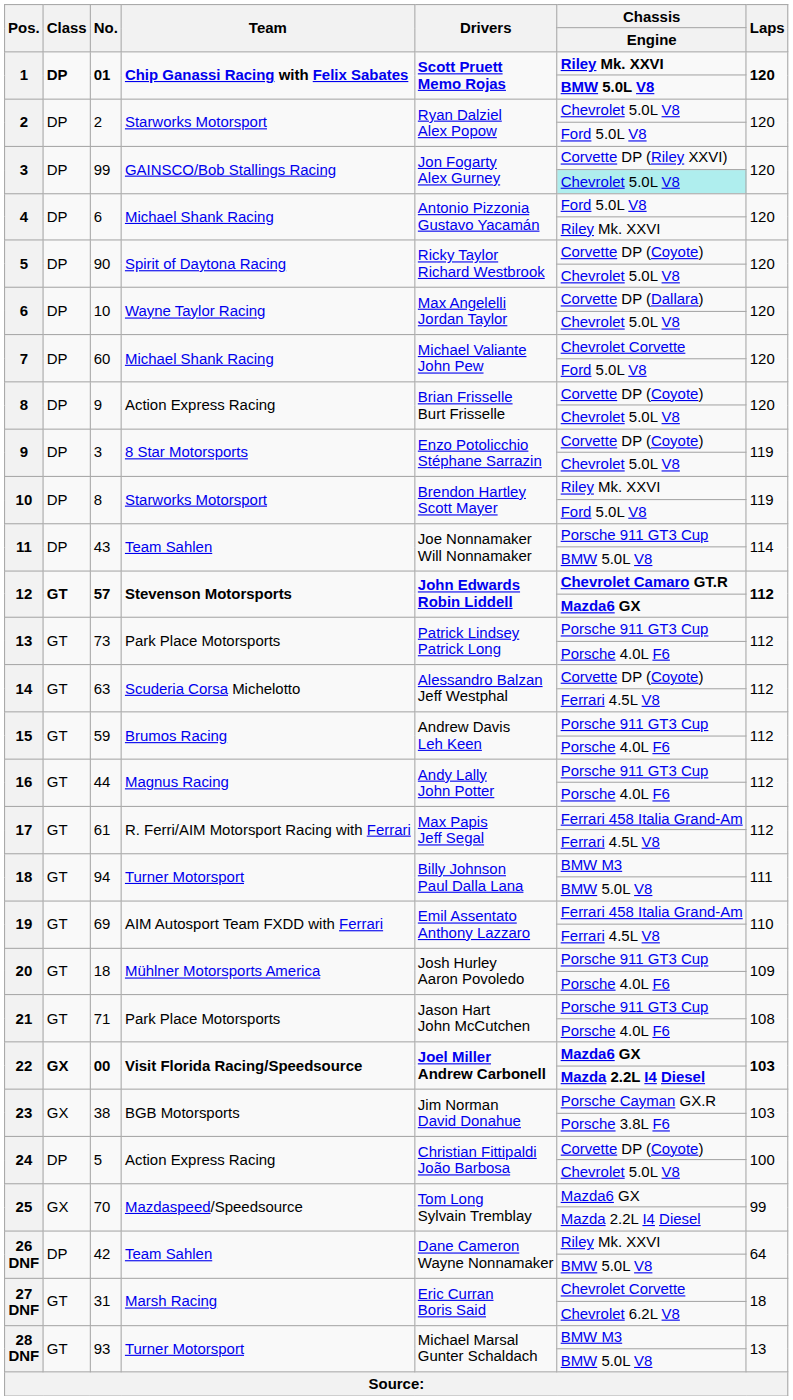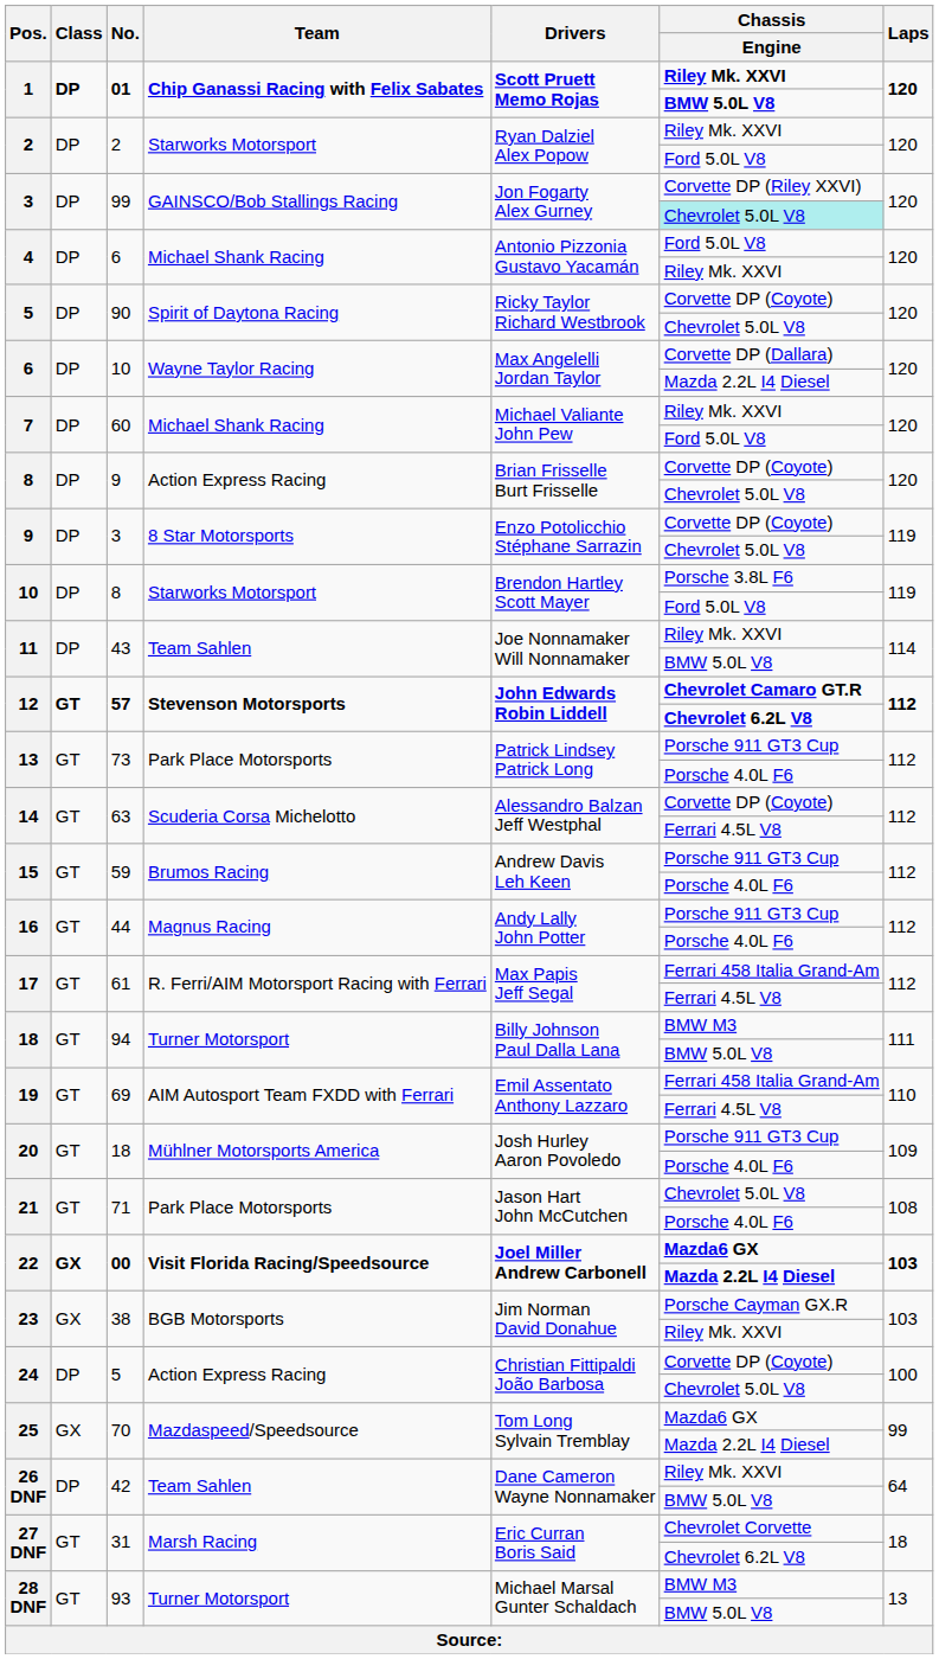 <table class="wikitable" style="font-size: 85%;">
 <tr>
 <th rowspan="2">Pos.</th>
 <th rowspan="2">Class</th>
 <th rowspan="2">No.</th>
 <th rowspan="2">Team</th>
 <th rowspan="2">Drivers</th>
 <th>Chassis</th>
 <th rowspan="2">Laps</th>
 </tr>
 <tr>
 <th>Engine</th>
 </tr>
 <tr>
 <th rowspan="2">1</th>
 <td rowspan="2"><strong>DP</strong></td>
 <td rowspan="2"><strong>01</strong></td>
 <td rowspan="2"><strong> <a href='#'>Chip Ganassi Racing</a> with <a href='#'>Felix Sabates</a></strong></td>
 <td rowspan="2"><strong> <a href='#'>Scott Pruett</a><br> <a href='#'>Memo Rojas</a></strong></td>
 <td><strong><a href='#'>Riley</a> Mk. XXVI</strong></td>
 <td rowspan="2"><strong>120</strong></td>
 </tr>
 <tr>
 <td><strong><a href='#'>BMW</a> 5.0L <a href='#'>V8</a></strong></td>
 </tr>
 <tr>
 <th rowspan="2">2</th>
 <td rowspan="2">DP</td>
 <td rowspan="2">2</td>
 <td rowspan="2"> <a href='#'>Starworks Motorsport</a></td>
 <td rowspan="2"> <a href='#'>Ryan Dalziel</a><br> <a href='#'>Alex Popow</a></td>
-<td><a href='#'>Chevrolet</a> 5.0L <a href='#'>V8</a></td>
+<td><a href='#'>Riley</a> Mk. XXVI</td>
 <td rowspan="2">120</td>
 </tr>
 <tr>
 <td><a href='#'>Ford</a> 5.0L <a href='#'>V8</a></td>
 </tr>
 <tr>
 <th rowspan="2">3</th>
 <td rowspan="2">DP</td>
 <td rowspan="2">99</td>
 <td rowspan="2"> <a href='#'>GAINSCO/Bob Stallings Racing</a></td>
 <td rowspan="2"> <a href='#'>Jon Fogarty</a><br> <a href='#'>Alex Gurney</a></td>
 <td><a href='#'>Corvette</a> DP (<a href='#'>Riley</a> XXVI)</td>
 <td rowspan="2">120</td>
 </tr>
 <tr>
 <td style="background: paleturquoise;"><a href='#'>Chevrolet</a> 5.0L <a href='#'>V8</a></td>
 </tr>
 <tr>
 <th rowspan="2">4</th>
 <td rowspan="2">DP</td>
 <td rowspan="2">6</td>
 <td rowspan="2"> <a href='#'>Michael Shank Racing</a></td>
 <td rowspan="2"> <a href='#'>Antonio Pizzonia</a><br> <a href='#'>Gustavo Yacamán</a></td>
 <td><a href='#'>Ford</a> 5.0L <a href='#'>V8</a></td>
 <td rowspan="2">120</td>
 </tr>
 <tr>
 <td><a href='#'>Riley</a> Mk. XXVI</td>
 </tr>
 <tr>
 <th rowspan="2">5</th>
 <td rowspan="2">DP</td>
 <td rowspan="2">90</td>
 <td rowspan="2"> <a href='#'>Spirit of Daytona Racing</a></td>
 <td rowspan="2"> <a href='#'>Ricky Taylor</a><br> <a href='#'>Richard Westbrook</a></td>
 <td><a href='#'>Corvette</a> DP (<a href='#'>Coyote</a>)</td>
 <td rowspan="2">120</td>
 </tr>
 <tr>
 <td><a href='#'>Chevrolet</a> 5.0L <a href='#'>V8</a></td>
 </tr>
 <tr>
 <th rowspan="2">6</th>
 <td rowspan="2">DP</td>
 <td rowspan="2">10</td>
 <td rowspan="2"> <a href='#'>Wayne Taylor Racing</a></td>
 <td rowspan="2"> <a href='#'>Max Angelelli</a><br> <a href='#'>Jordan Taylor</a></td>
 <td><a href='#'>Corvette</a> DP (<a href='#'>Dallara</a>)</td>
 <td rowspan="2">120</td>
 </tr>
 <tr>
-<td><a href='#'>Chevrolet</a> 5.0L <a href='#'>V8</a></td>
+<td><a href='#'>Mazda</a> 2.2L <a href='#'>I4</a> <a href='#'>Diesel</a></td>
 </tr>
 <tr>
 <th rowspan="2">7</th>
 <td rowspan="2">DP</td>
 <td rowspan="2">60</td>
 <td rowspan="2"> <a href='#'>Michael Shank Racing</a></td>
 <td rowspan="2"> <a href='#'>Michael Valiante</a><br> <a href='#'>John Pew</a></td>
-<td><a href='#'>Chevrolet Corvette</a></td>
+<td><a href='#'>Riley</a> Mk. XXVI</td>
 <td rowspan="2">120</td>
 </tr>
 <tr>
 <td><a href='#'>Ford</a> 5.0L <a href='#'>V8</a></td>
 </tr>
 <tr>
 <th rowspan="2">8</th>
 <td rowspan="2">DP</td>
 <td rowspan="2">9</td>
 <td rowspan="2"> Action Express Racing</td>
 <td rowspan="2"> <a href='#'>Brian Frisselle</a><br> Burt Frisselle</td>
 <td><a href='#'>Corvette</a> DP (<a href='#'>Coyote</a>)</td>
 <td rowspan="2">120</td>
 </tr>
 <tr>
 <td><a href='#'>Chevrolet</a> 5.0L <a href='#'>V8</a></td>
 </tr>
 <tr>
 <th rowspan="2">9</th>
 <td rowspan="2">DP</td>
 <td rowspan="2">3</td>
 <td rowspan="2"> <a href='#'>8 Star Motorsports</a></td>
 <td rowspan="2"> <a href='#'>Enzo Potolicchio</a><br> <a href='#'>Stéphane Sarrazin</a></td>
 <td><a href='#'>Corvette</a> DP (<a href='#'>Coyote</a>)</td>
 <td rowspan="2">119</td>
 </tr>
 <tr>
 <td><a href='#'>Chevrolet</a> 5.0L <a href='#'>V8</a></td>
 </tr>
 <tr>
 <th rowspan="2">10</th>
 <td rowspan="2">DP</td>
 <td rowspan="2">8</td>
 <td rowspan="2"> <a href='#'>Starworks Motorsport</a></td>
 <td rowspan="2"> <a href='#'>Brendon Hartley</a><br> <a href='#'>Scott Mayer</a></td>
-<td><a href='#'>Riley</a> Mk. XXVI</td>
+<td><a href='#'>Porsche</a> 3.8L <a href='#'>F6</a></td>
 <td rowspan="2">119</td>
 </tr>
 <tr>
 <td><a href='#'>Ford</a> 5.0L <a href='#'>V8</a></td>
 </tr>
 <tr>
 <th rowspan="2">11</th>
 <td rowspan="2">DP</td>
 <td rowspan="2">43</td>
 <td rowspan="2"> <a href='#'>Team Sahlen</a></td>
 <td rowspan="2"> Joe Nonnamaker<br> Will Nonnamaker</td>
-<td><a href='#'>Porsche 911 GT3 Cup</a></td>
+<td><a href='#'>Riley</a> Mk. XXVI</td>
 <td rowspan="2">114</td>
 </tr>
 <tr>
 <td><a href='#'>BMW</a> 5.0L <a href='#'>V8</a></td>
 </tr>
 <tr>
 <th rowspan="2">12</th>
 <td rowspan="2"><strong>GT</strong></td>
 <td rowspan="2"><strong>57</strong></td>
 <td rowspan="2"><strong> Stevenson Motorsports</strong></td>
 <td rowspan="2"><strong> <a href='#'>John Edwards</a><br> <a href='#'>Robin Liddell</a></strong></td>
 <td><strong><a href='#'>Chevrolet Camaro</a> GT.R</strong></td>
 <td rowspan="2"><strong>112</strong></td>
 </tr>
 <tr>
-<td><strong><a href='#'>Mazda6</a> GX</strong></td>
+<td><strong><a href='#'>Chevrolet</a> 6.2L <a href='#'>V8</a></strong></td>
 </tr>
 <tr>
 <th rowspan="2">13</th>
 <td rowspan="2">GT</td>
 <td rowspan="2">73</td>
 <td rowspan="2"> Park Place Motorsports</td>
 <td rowspan="2"> <a href='#'>Patrick Lindsey</a><br> <a href='#'>Patrick Long</a></td>
 <td><a href='#'>Porsche 911 GT3 Cup</a></td>
 <td rowspan="2">112</td>
 </tr>
 <tr>
 <td><a href='#'>Porsche</a> 4.0L <a href='#'>F6</a></td>
 </tr>
 <tr>
 <th rowspan="2">14</th>
 <td rowspan="2">GT</td>
 <td rowspan="2">63</td>
 <td rowspan="2"> <a href='#'>Scuderia Corsa</a> Michelotto</td>
 <td rowspan="2"> <a href='#'>Alessandro Balzan</a><br> Jeff Westphal</td>
 <td><a href='#'>Corvette</a> DP (<a href='#'>Coyote</a>)</td>
 <td rowspan="2">112</td>
 </tr>
 <tr>
 <td><a href='#'>Ferrari</a> 4.5L <a href='#'>V8</a></td>
 </tr>
 <tr>
 <th rowspan="2">15</th>
 <td rowspan="2">GT</td>
 <td rowspan="2">59</td>
 <td rowspan="2"> <a href='#'>Brumos Racing</a></td>
 <td rowspan="2"> Andrew Davis<br> <a href='#'>Leh Keen</a></td>
 <td><a href='#'>Porsche 911 GT3 Cup</a></td>
 <td rowspan="2">112</td>
 </tr>
 <tr>
 <td><a href='#'>Porsche</a> 4.0L <a href='#'>F6</a></td>
 </tr>
 <tr>
 <th rowspan="2">16</th>
 <td rowspan="2">GT</td>
 <td rowspan="2">44</td>
 <td rowspan="2"> <a href='#'>Magnus Racing</a></td>
 <td rowspan="2"> <a href='#'>Andy Lally</a><br> <a href='#'>John Potter</a></td>
 <td><a href='#'>Porsche 911 GT3 Cup</a></td>
 <td rowspan="2">112</td>
 </tr>
 <tr>
 <td><a href='#'>Porsche</a> 4.0L <a href='#'>F6</a></td>
 </tr>
 <tr>
 <th rowspan="2">17</th>
 <td rowspan="2">GT</td>
 <td rowspan="2">61</td>
 <td rowspan="2"> R. Ferri/AIM Motorsport Racing with <a href='#'>Ferrari</a></td>
 <td rowspan="2"> <a href='#'>Max Papis</a><br> <a href='#'>Jeff Segal</a></td>
 <td><a href='#'>Ferrari 458 Italia Grand-Am</a></td>
 <td rowspan="2">112</td>
 </tr>
 <tr>
 <td><a href='#'>Ferrari</a> 4.5L <a href='#'>V8</a></td>
 </tr>
 <tr>
 <th rowspan="2">18</th>
 <td rowspan="2">GT</td>
 <td rowspan="2">94</td>
 <td rowspan="2"> <a href='#'>Turner Motorsport</a></td>
 <td rowspan="2"> <a href='#'>Billy Johnson</a><br> <a href='#'>Paul Dalla Lana</a></td>
 <td><a href='#'>BMW M3</a></td>
 <td rowspan="2">111</td>
 </tr>
 <tr>
 <td><a href='#'>BMW</a> 5.0L <a href='#'>V8</a></td>
 </tr>
 <tr>
 <th rowspan="2">19</th>
 <td rowspan="2">GT</td>
 <td rowspan="2">69</td>
 <td rowspan="2"> AIM Autosport Team FXDD with <a href='#'>Ferrari</a></td>
 <td rowspan="2"> <a href='#'>Emil Assentato</a><br> <a href='#'>Anthony Lazzaro</a></td>
 <td><a href='#'>Ferrari 458 Italia Grand-Am</a></td>
 <td rowspan="2">110</td>
 </tr>
 <tr>
 <td><a href='#'>Ferrari</a> 4.5L <a href='#'>V8</a></td>
 </tr>
 <tr>
 <th rowspan="2">20</th>
 <td rowspan="2">GT</td>
 <td rowspan="2">18</td>
 <td rowspan="2"> <a href='#'>Mühlner Motorsports America</a></td>
 <td rowspan="2"> Josh Hurley<br> Aaron Povoledo</td>
 <td><a href='#'>Porsche 911 GT3 Cup</a></td>
 <td rowspan="2">109</td>
 </tr>
 <tr>
 <td><a href='#'>Porsche</a> 4.0L <a href='#'>F6</a></td>
 </tr>
 <tr>
 <th rowspan="2">21</th>
 <td rowspan="2">GT</td>
 <td rowspan="2">71</td>
 <td rowspan="2"> Park Place Motorsports</td>
 <td rowspan="2"> Jason Hart<br> John McCutchen</td>
-<td><a href='#'>Porsche 911 GT3 Cup</a></td>
+<td><a href='#'>Chevrolet</a> 5.0L <a href='#'>V8</a></td>
 <td rowspan="2">108</td>
 </tr>
 <tr>
 <td><a href='#'>Porsche</a> 4.0L <a href='#'>F6</a></td>
 </tr>
 <tr>
 <th rowspan="2">22</th>
 <td rowspan="2"><strong>GX</strong></td>
 <td rowspan="2"><strong>00</strong></td>
 <td rowspan="2"><strong> Visit Florida Racing/Speedsource</strong></td>
 <td rowspan="2"><strong> <a href='#'>Joel Miller</a><br> Andrew Carbonell</strong></td>
 <td><strong><a href='#'>Mazda6</a> GX</strong></td>
 <td rowspan="2"><strong>103</strong></td>
 </tr>
 <tr>
 <td><strong><a href='#'>Mazda</a> 2.2L <a href='#'>I4</a> <a href='#'>Diesel</a></strong></td>
 </tr>
 <tr>
 <th rowspan="2">23</th>
 <td rowspan="2">GX</td>
 <td rowspan="2">38</td>
 <td rowspan="2"> BGB Motorsports</td>
 <td rowspan="2"> Jim Norman<br> <a href='#'>David Donahue</a></td>
 <td><a href='#'>Porsche Cayman</a> GX.R</td>
 <td rowspan="2">103</td>
 </tr>
 <tr>
-<td><a href='#'>Porsche</a> 3.8L <a href='#'>F6</a></td>
+<td><a href='#'>Riley</a> Mk. XXVI</td>
 </tr>
 <tr>
 <th rowspan="2">24</th>
 <td rowspan="2">DP</td>
 <td rowspan="2">5</td>
 <td rowspan="2"> Action Express Racing</td>
 <td rowspan="2"> <a href='#'>Christian Fittipaldi</a><br> <a href='#'>João Barbosa</a></td>
 <td><a href='#'>Corvette</a> DP (<a href='#'>Coyote</a>)</td>
 <td rowspan="2">100</td>
 </tr>
 <tr>
 <td><a href='#'>Chevrolet</a> 5.0L <a href='#'>V8</a></td>
 </tr>
 <tr>
 <th rowspan="2">25</th>
 <td rowspan="2">GX</td>
 <td rowspan="2">70</td>
 <td rowspan="2"> <a href='#'>Mazdaspeed</a>/Speedsource</td>
 <td rowspan="2"> <a href='#'>Tom Long</a><br> Sylvain Tremblay</td>
 <td><a href='#'>Mazda6</a> GX</td>
 <td rowspan="2">99</td>
 </tr>
 <tr>
 <td><a href='#'>Mazda</a> 2.2L <a href='#'>I4</a> <a href='#'>Diesel</a></td>
 </tr>
 <tr>
 <th rowspan="2">26<br>DNF</th>
 <td rowspan="2">DP</td>
 <td rowspan="2">42</td>
 <td rowspan="2"> <a href='#'>Team Sahlen</a></td>
 <td rowspan="2"> <a href='#'>Dane Cameron</a><br> Wayne Nonnamaker</td>
 <td><a href='#'>Riley</a> Mk. XXVI</td>
 <td rowspan="2">64</td>
 </tr>
 <tr>
 <td><a href='#'>BMW</a> 5.0L <a href='#'>V8</a></td>
 </tr>
 <tr>
 <th rowspan="2">27<br>DNF</th>
 <td rowspan="2">GT</td>
 <td rowspan="2">31</td>
 <td rowspan="2"> <a href='#'>Marsh Racing</a></td>
 <td rowspan="2"> <a href='#'>Eric Curran</a><br> <a href='#'>Boris Said</a></td>
 <td><a href='#'>Chevrolet Corvette</a></td>
 <td rowspan="2">18</td>
 </tr>
 <tr>
 <td><a href='#'>Chevrolet</a> 6.2L <a href='#'>V8</a></td>
 </tr>
 <tr>
 <th rowspan="2">28<br>DNF</th>
 <td rowspan="2">GT</td>
 <td rowspan="2">93</td>
 <td rowspan="2"> <a href='#'>Turner Motorsport</a></td>
 <td rowspan="2"> Michael Marsal<br> Gunter Schaldach</td>
 <td><a href='#'>BMW M3</a></td>
 <td rowspan="2">13</td>
 </tr>
 <tr>
 <td><a href='#'>BMW</a> 5.0L <a href='#'>V8</a></td>
 </tr>
 <tr>
 <th colspan="7">Source:</th>
 </tr>
 </table>
